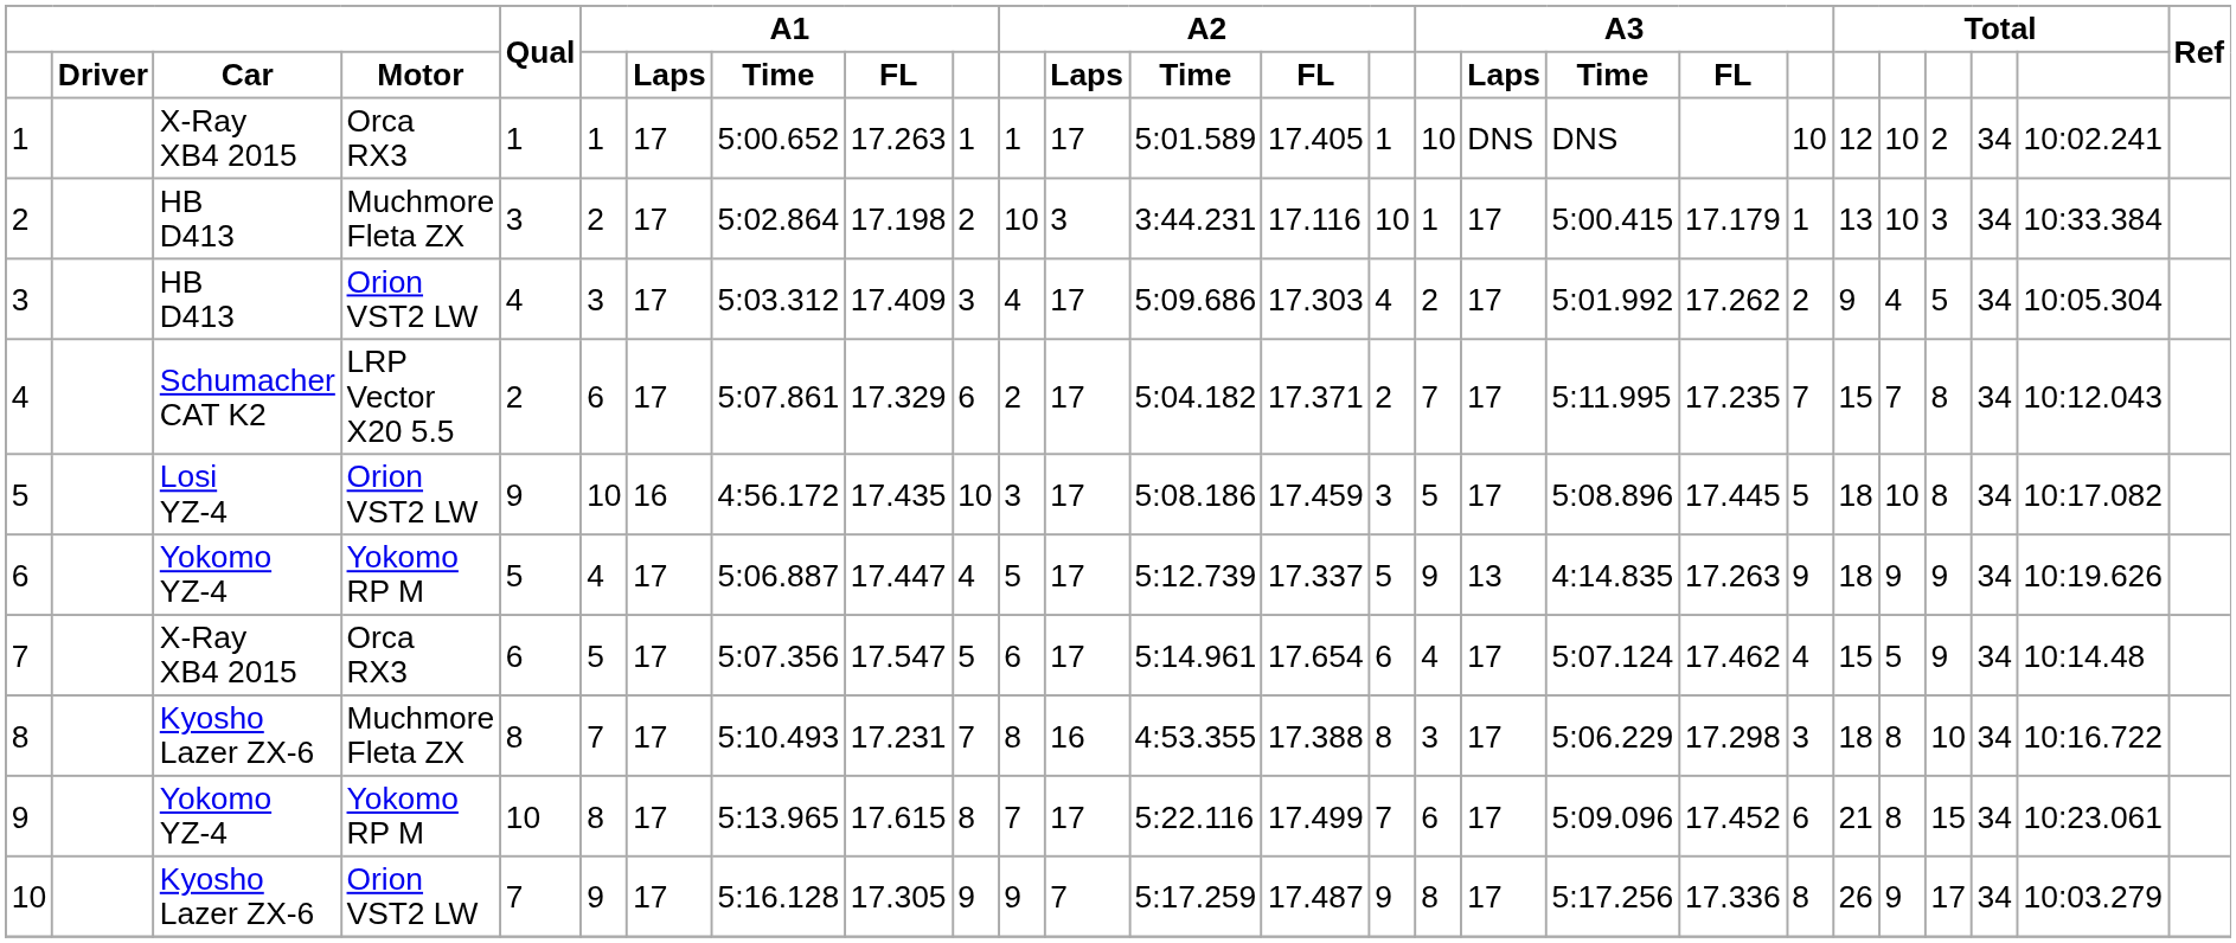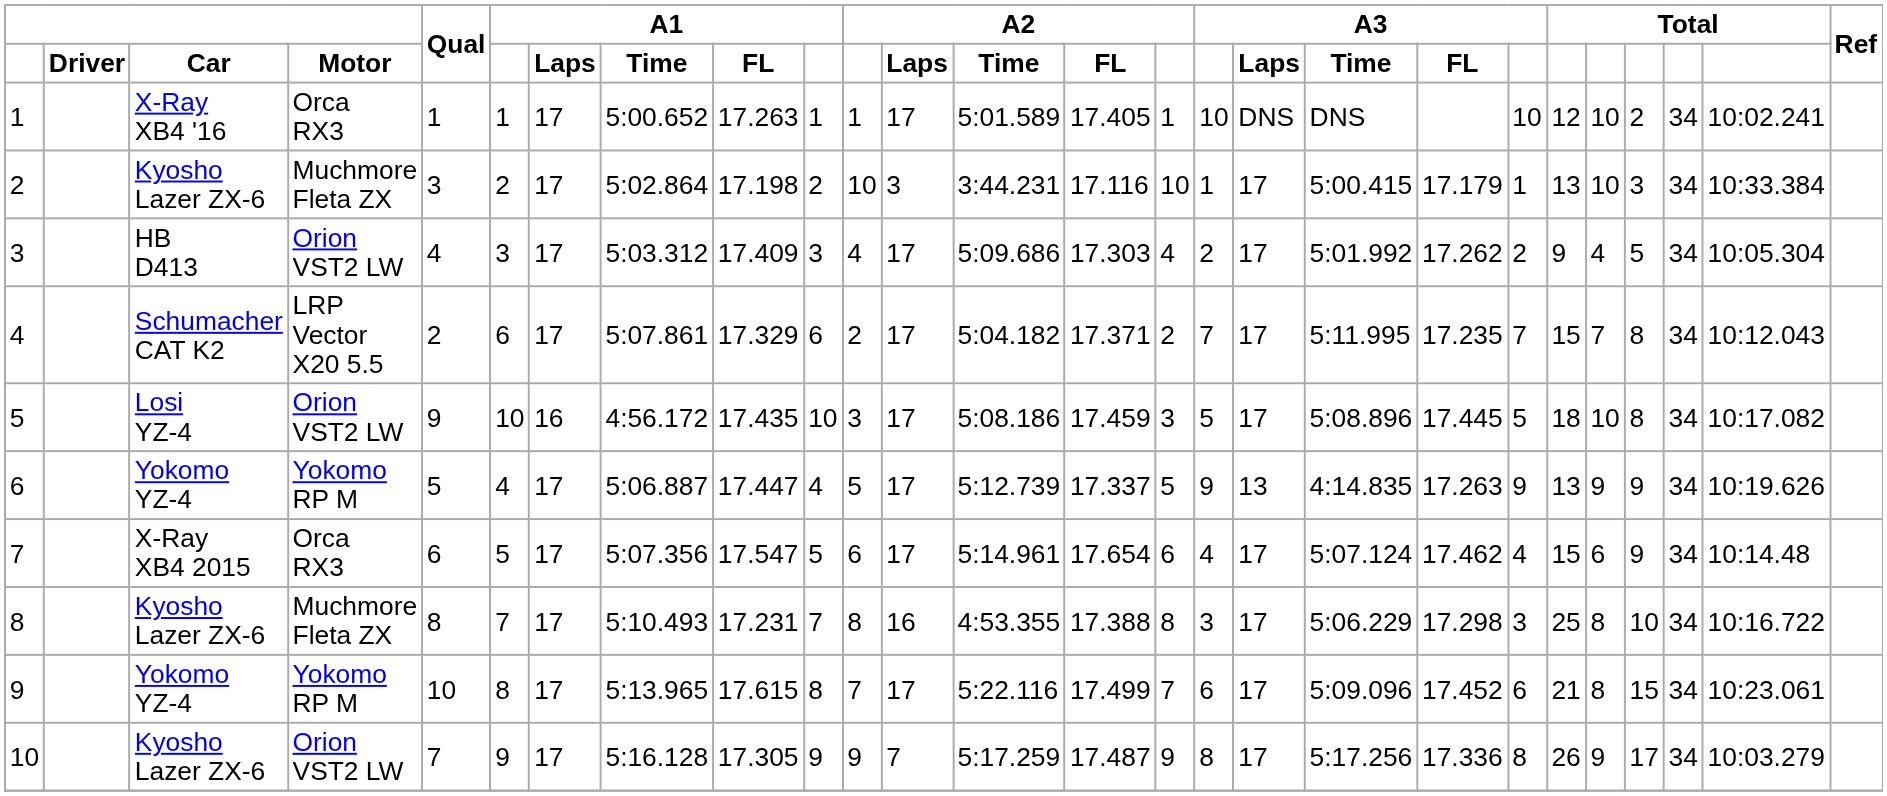 <table border="2" cellpadding="2" cellspacing="0" style="margin:0 1em 0 0; border:1px #aaa solid; border-collapse:collapse; font-size:85%;">
 <tr>
 <th colspan="4"></th>
 <th rowspan="2">Qual</th>
 <th colspan="5" style="text-align:center;">A1</th>
 <th colspan="5" style="text-align:center;">A2</th>
 <th colspan="5" style="text-align:center;">A3</th>
 <th colspan="5" style="text-align:center;">Total</th>
 <th rowspan="2">Ref</th>
 </tr>
 <tr>
 <th style="text-align:center;"></th>
 <th style="text-align:center;">Driver</th>
 <th style="text-align:center;">Car</th>
 <th style="text-align:center;">Motor</th>
 <th style="text-align:center;"></th>
 <th style="text-align:center;">Laps</th>
 <th style="text-align:center;">Time</th>
 <th style="text-align:center;">FL</th>
 <th style="text-align:center;"></th>
 <th style="text-align:center;"></th>
 <th style="text-align:center;">Laps</th>
 <th style="text-align:center;">Time</th>
 <th style="text-align:center;">FL</th>
 <th style="text-align:center;"></th>
 <th style="text-align:center;"></th>
 <th style="text-align:center;">Laps</th>
 <th style="text-align:center;">Time</th>
 <th style="text-align:center;">FL</th>
 <th style="text-align:center;"></th>
 <th style="text-align:center;"></th>
 <th style="text-align:center;"></th>
 <th style="text-align:center;"></th>
 <th style="text-align:center;"></th>
 <th style="text-align:center;"></th>
 </tr>
 <tr>
 <td>1</td>
 <td></td>
-<td>X-Ray<br> XB4 2015</td>
+<td><a href='#'>X-Ray</a><br> XB4 '16</td>
 <td>Orca<br>RX3</td>
 <td>1</td>
 <td>1</td>
 <td>17</td>
 <td>5:00.652</td>
 <td>17.263</td>
 <td>1</td>
 <td>1</td>
 <td>17</td>
 <td>5:01.589</td>
 <td>17.405</td>
 <td>1</td>
 <td>10</td>
 <td>DNS</td>
 <td>DNS</td>
 <td></td>
 <td>10</td>
 <td>12</td>
 <td>10</td>
 <td>2</td>
 <td>34</td>
 <td>10:02.241</td>
 <td></td>
 </tr>
 <tr>
 <td>2</td>
 <td></td>
-<td>HB<br> D413</td>
+<td><a href='#'>Kyosho</a><br> Lazer ZX-6</td>
 <td>Muchmore<br>Fleta ZX</td>
 <td>3</td>
 <td>2</td>
 <td>17</td>
 <td>5:02.864</td>
 <td>17.198</td>
 <td>2</td>
 <td>10</td>
 <td>3</td>
 <td>3:44.231</td>
 <td>17.116</td>
 <td>10</td>
 <td>1</td>
 <td>17</td>
 <td>5:00.415</td>
 <td>17.179</td>
 <td>1</td>
 <td>13</td>
 <td>10</td>
 <td>3</td>
 <td>34</td>
 <td>10:33.384</td>
 <td></td>
 </tr>
 <tr>
 <td>3</td>
 <td></td>
 <td>HB<br> D413</td>
 <td><a href='#'>Orion</a><br>VST2 LW</td>
 <td>4</td>
 <td>3</td>
 <td>17</td>
 <td>5:03.312</td>
 <td>17.409</td>
 <td>3</td>
 <td>4</td>
 <td>17</td>
 <td>5:09.686</td>
 <td>17.303</td>
 <td>4</td>
 <td>2</td>
 <td>17</td>
 <td>5:01.992</td>
 <td>17.262</td>
 <td>2</td>
 <td>9</td>
 <td>4</td>
 <td>5</td>
 <td>34</td>
 <td>10:05.304</td>
 <td></td>
 </tr>
 <tr>
 <td>4</td>
 <td></td>
 <td><a href='#'>Schumacher</a><br> CAT K2</td>
 <td>LRP<br>Vector X20 5.5</td>
 <td>2</td>
 <td>6</td>
 <td>17</td>
 <td>5:07.861</td>
 <td>17.329</td>
 <td>6</td>
 <td>2</td>
 <td>17</td>
 <td>5:04.182</td>
 <td>17.371</td>
 <td>2</td>
 <td>7</td>
 <td>17</td>
 <td>5:11.995</td>
 <td>17.235</td>
 <td>7</td>
 <td>15</td>
 <td>7</td>
 <td>8</td>
 <td>34</td>
 <td>10:12.043</td>
 <td></td>
 </tr>
 <tr>
 <td>5</td>
 <td></td>
 <td><a href='#'>Losi</a><br> YZ-4</td>
 <td><a href='#'>Orion</a><br>VST2 LW</td>
 <td>9</td>
 <td>10</td>
 <td>16</td>
 <td>4:56.172</td>
 <td>17.435</td>
 <td>10</td>
 <td>3</td>
 <td>17</td>
 <td>5:08.186</td>
 <td>17.459</td>
 <td>3</td>
 <td>5</td>
 <td>17</td>
 <td>5:08.896</td>
 <td>17.445</td>
 <td>5</td>
 <td>18</td>
 <td>10</td>
 <td>8</td>
 <td>34</td>
 <td>10:17.082</td>
 <td></td>
 </tr>
 <tr>
 <td>6</td>
 <td></td>
 <td><a href='#'>Yokomo</a><br> YZ-4</td>
 <td><a href='#'>Yokomo</a><br>RP M</td>
 <td>5</td>
 <td>4</td>
 <td>17</td>
 <td>5:06.887</td>
 <td>17.447</td>
 <td>4</td>
 <td>5</td>
 <td>17</td>
 <td>5:12.739</td>
 <td>17.337</td>
 <td>5</td>
 <td>9</td>
 <td>13</td>
 <td>4:14.835</td>
 <td>17.263</td>
 <td>9</td>
-<td>18</td>
+<td>13</td>
 <td>9</td>
 <td>9</td>
 <td>34</td>
 <td>10:19.626</td>
 <td></td>
 </tr>
 <tr>
 <td>7</td>
 <td></td>
 <td>X-Ray<br> XB4 2015</td>
 <td>Orca<br>RX3</td>
 <td>6</td>
 <td>5</td>
 <td>17</td>
 <td>5:07.356</td>
 <td>17.547</td>
 <td>5</td>
 <td>6</td>
 <td>17</td>
 <td>5:14.961</td>
 <td>17.654</td>
 <td>6</td>
 <td>4</td>
 <td>17</td>
 <td>5:07.124</td>
 <td>17.462</td>
 <td>4</td>
 <td>15</td>
-<td>5</td>
+<td>6</td>
 <td>9</td>
 <td>34</td>
 <td>10:14.48</td>
 <td></td>
 </tr>
 <tr>
 <td>8</td>
 <td></td>
 <td><a href='#'>Kyosho</a><br> Lazer ZX-6</td>
 <td>Muchmore<br>Fleta ZX</td>
 <td>8</td>
 <td>7</td>
 <td>17</td>
 <td>5:10.493</td>
 <td>17.231</td>
 <td>7</td>
 <td>8</td>
 <td>16</td>
 <td>4:53.355</td>
 <td>17.388</td>
 <td>8</td>
 <td>3</td>
 <td>17</td>
 <td>5:06.229</td>
 <td>17.298</td>
 <td>3</td>
-<td>18</td>
+<td>25</td>
 <td>8</td>
 <td>10</td>
 <td>34</td>
 <td>10:16.722</td>
 <td></td>
 </tr>
 <tr>
 <td>9</td>
 <td></td>
 <td><a href='#'>Yokomo</a><br>YZ-4</td>
 <td><a href='#'>Yokomo</a><br>RP M</td>
 <td>10</td>
 <td>8</td>
 <td>17</td>
 <td>5:13.965</td>
 <td>17.615</td>
 <td>8</td>
 <td>7</td>
 <td>17</td>
 <td>5:22.116</td>
 <td>17.499</td>
 <td>7</td>
 <td>6</td>
 <td>17</td>
 <td>5:09.096</td>
 <td>17.452</td>
 <td>6</td>
 <td>21</td>
 <td>8</td>
 <td>15</td>
 <td>34</td>
 <td>10:23.061</td>
 <td></td>
 </tr>
 <tr>
 <td>10</td>
 <td></td>
 <td><a href='#'>Kyosho</a><br> Lazer ZX-6</td>
 <td><a href='#'>Orion</a><br>VST2 LW</td>
 <td>7</td>
 <td>9</td>
 <td>17</td>
 <td>5:16.128</td>
 <td>17.305</td>
 <td>9</td>
 <td>9</td>
 <td>7</td>
 <td>5:17.259</td>
 <td>17.487</td>
 <td>9</td>
 <td>8</td>
 <td>17</td>
 <td>5:17.256</td>
 <td>17.336</td>
 <td>8</td>
 <td>26</td>
 <td>9</td>
 <td>17</td>
 <td>34</td>
 <td>10:03.279</td>
 <td></td>
 </tr>
 <tr>
 </tr>
 </table>
